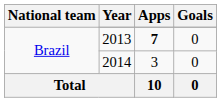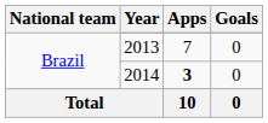 <table class="wikitable" style="text-align:center">
 <tr>
 <th>National team</th>
 <th>Year</th>
 <th>Apps</th>
 <th>Goals</th>
 </tr>
 <tr>
 <td rowspan="3"><a href='#'>Brazil</a></td>
 </tr>
 <tr>
 <td>2013</td>
-<td><strong>7</strong></td>
+<td>7</td>
 <td>0</td>
 </tr>
 <tr>
 <td>2014</td>
-<td>3</td>
+<td><strong>3</strong></td>
 <td>0</td>
 </tr>
 <tr>
 <th colspan="2">Total</th>
 <th>10</th>
 <th>0</th>
 </tr>
 </table>
